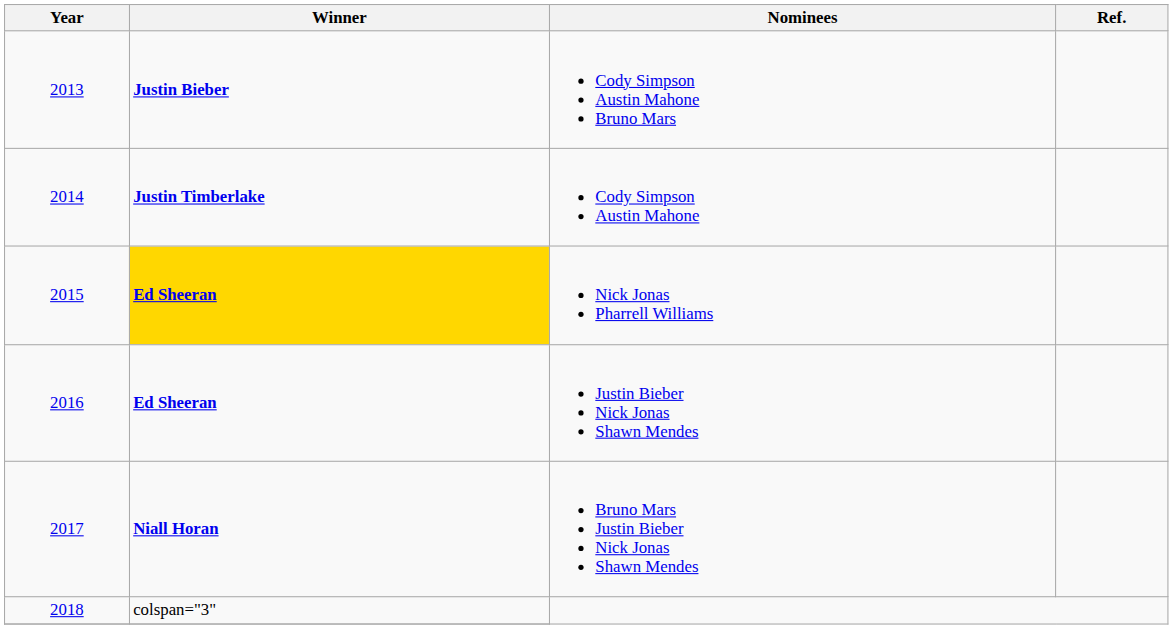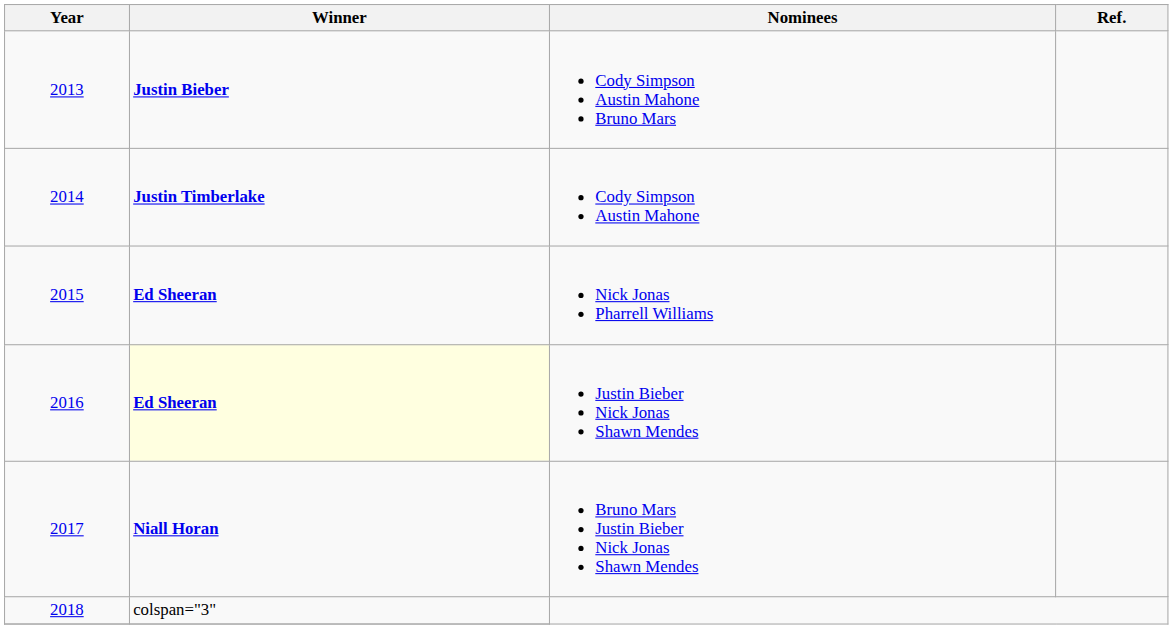 <table class="wikitable" width=70%>
 <tr>
 <th>Year</th>
 <th>Winner</th>
 <th>Nominees</th>
 <th>Ref.</th>
 </tr>
 <tr>
 <td align="center"><a href='#'>2013</a></td>
 <td><strong><a href='#'>Justin Bieber</a></strong></td>
 <td><br><ul><li><a href='#'>Cody Simpson</a></li><li><a href='#'>Austin Mahone</a></li><li><a href='#'>Bruno Mars</a></li></ul></td>
 <td align="center"></td>
 </tr>
 <tr>
 <td align="center"><a href='#'>2014</a></td>
 <td><strong><a href='#'>Justin Timberlake</a></strong></td>
 <td><br><ul><li><a href='#'>Cody Simpson</a></li><li><a href='#'>Austin Mahone</a></li></ul></td>
 <td align="center"></td>
 </tr>
 <tr>
 <td align="center"><a href='#'>2015</a></td>
-<td style="background: gold;"><strong><a href='#'>Ed Sheeran</a></strong></td>
+<td><strong><a href='#'>Ed Sheeran</a></strong></td>
 <td><br><ul><li><a href='#'>Nick Jonas</a></li><li><a href='#'>Pharrell Williams</a></li></ul></td>
 <td align="center"></td>
 </tr>
 <tr>
 <td align="center"><a href='#'>2016</a></td>
-<td><strong><a href='#'>Ed Sheeran</a></strong></td>
+<td style="background: lightyellow;"><strong><a href='#'>Ed Sheeran</a></strong></td>
 <td><br><ul><li><a href='#'>Justin Bieber</a></li><li><a href='#'>Nick Jonas</a></li><li><a href='#'>Shawn Mendes</a></li></ul></td>
 <td align="center"></td>
 </tr>
 <tr>
 <td align="center"><a href='#'>2017</a></td>
 <td><strong><a href='#'>Niall Horan</a></strong></td>
 <td><br><ul><li><a href='#'>Bruno Mars</a></li><li><a href='#'>Justin Bieber</a></li><li><a href='#'>Nick Jonas</a></li><li><a href='#'>Shawn Mendes</a></li></ul></td>
 <td></td>
 </tr>
 <tr>
 <td align="center"><a href='#'>2018</a></td>
 <td>colspan="3" </td>
 </tr>
 <tr>
 </tr>
 </table>
